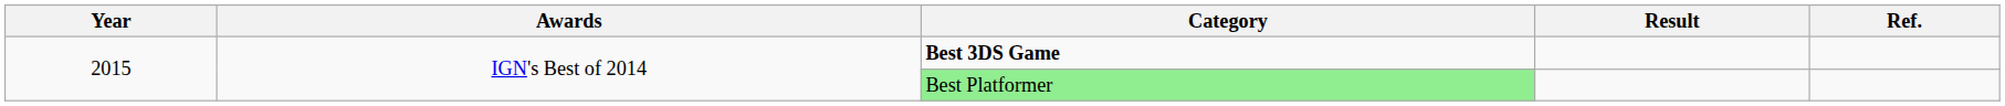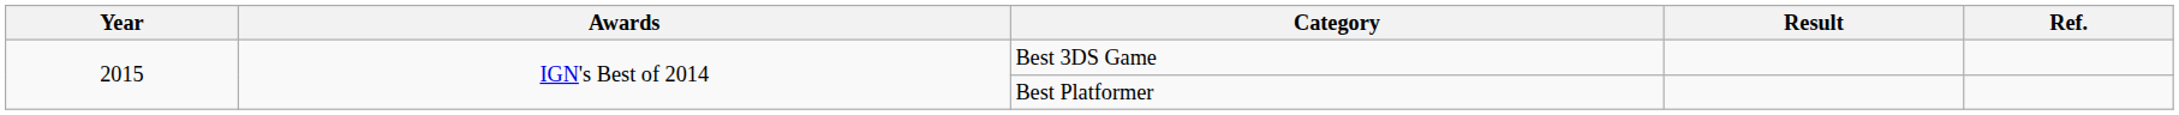 <table class="wikitable" style="width:100%;">
 <tr>
 <th>Year</th>
 <th>Awards</th>
 <th>Category</th>
 <th>Result</th>
 <th>Ref.</th>
 </tr>
 <tr>
 <td rowspan="2" style="text-align:center;">2015</td>
 <td rowspan="2" style="text-align:center;"><a href='#'>IGN</a>'s Best of 2014</td>
-<td><strong>Best 3DS Game</strong></td>
+<td>Best 3DS Game</td>
 <td></td>
 <td align=center></td>
 </tr>
 <tr>
-<td style="background: lightgreen;">Best Platformer</td>
+<td>Best Platformer</td>
 <td></td>
 <td align=center></td>
 </tr>
 </table>
